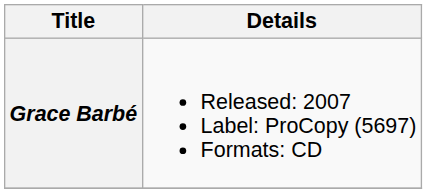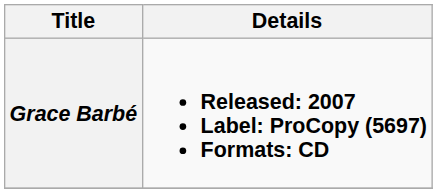 <table class="wikitable plainrowheaders" style"text-align:center;">
 <tr>
 <th>Title</th>
 <th>Details</th>
 </tr>
 <tr>
 <th scope="row"><em>Grace Barbé</em></th>
-<td><br><ul><li>Released: 2007</li><li>Label: ProCopy (5697)</li><li>Formats: CD</li></ul></td>
+<td><strong><br><ul><li>Released: 2007</li><li>Label: ProCopy (5697)</li><li>Formats: CD</li></ul></strong></td>
 </tr>
 <tr>
 </tr>
 </table>
